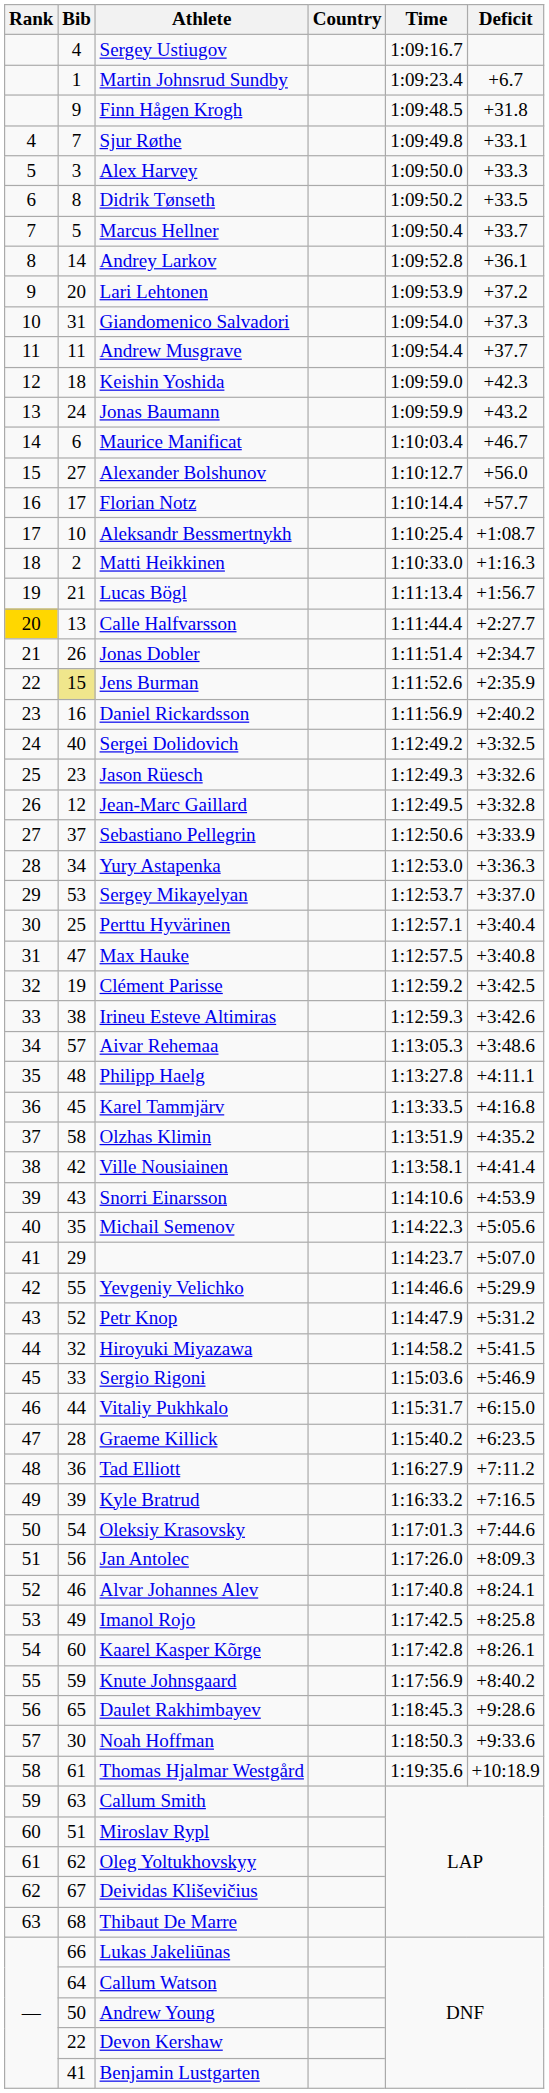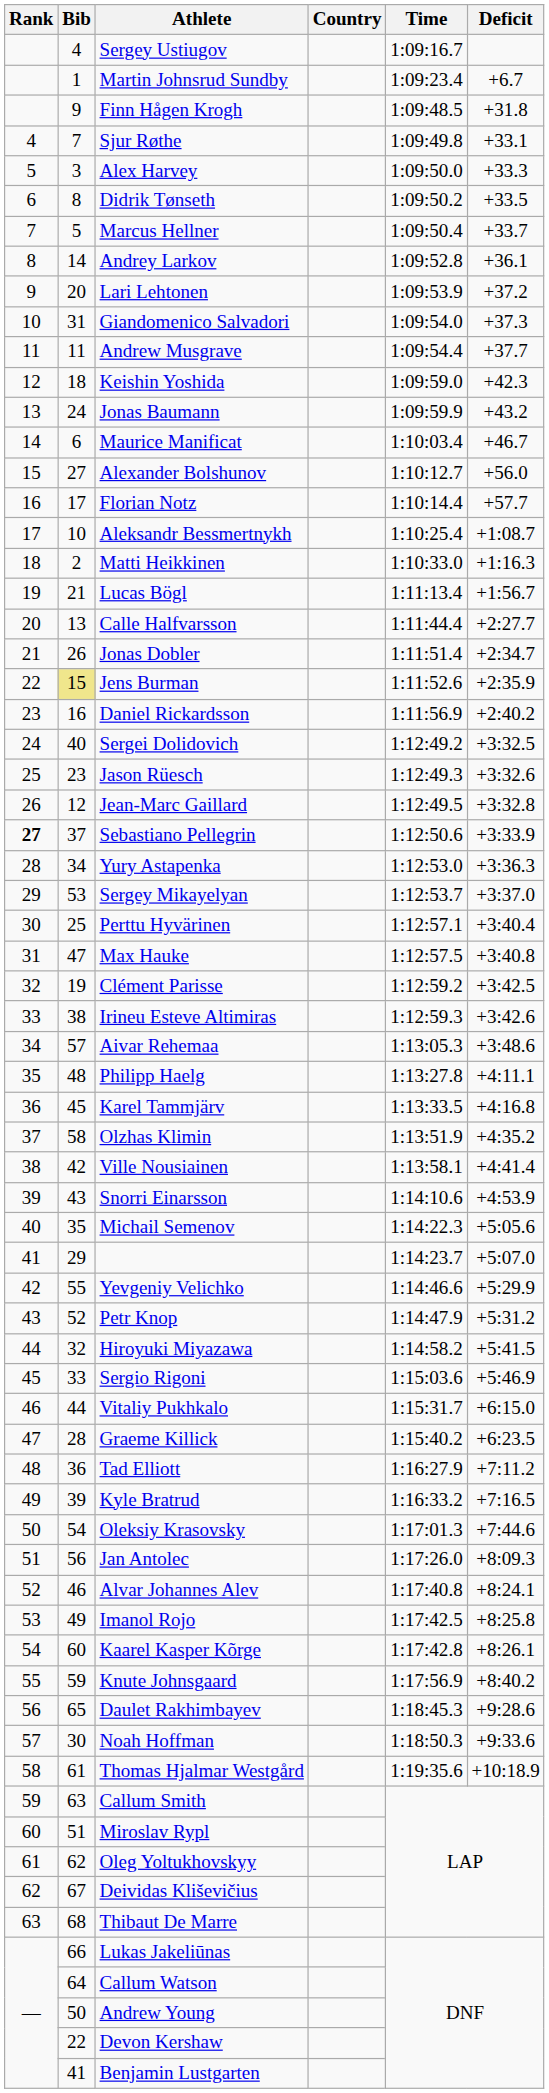 <table class="wikitable sortable" style="text-align:center">
 <tr>
 <th>Rank</th>
 <th>Bib</th>
 <th>Athlete</th>
 <th>Country</th>
 <th>Time</th>
 <th>Deficit</th>
 </tr>
 <tr>
 <td></td>
 <td>4</td>
 <td align=left><a href='#'>Sergey Ustiugov</a></td>
 <td align=left></td>
 <td>1:09:16.7</td>
 <td></td>
 </tr>
 <tr>
 <td></td>
 <td>1</td>
 <td align=left><a href='#'>Martin Johnsrud Sundby</a></td>
 <td align=left></td>
 <td>1:09:23.4</td>
 <td>+6.7</td>
 </tr>
 <tr>
 <td></td>
 <td>9</td>
 <td align=left><a href='#'>Finn Hågen Krogh</a></td>
 <td align=left></td>
 <td>1:09:48.5</td>
 <td>+31.8</td>
 </tr>
 <tr>
 <td>4</td>
 <td>7</td>
 <td align=left><a href='#'>Sjur Røthe</a></td>
 <td align=left></td>
 <td>1:09:49.8</td>
 <td>+33.1</td>
 </tr>
 <tr>
 <td>5</td>
 <td>3</td>
 <td align=left><a href='#'>Alex Harvey</a></td>
 <td align=left></td>
 <td>1:09:50.0</td>
 <td>+33.3</td>
 </tr>
 <tr>
 <td>6</td>
 <td>8</td>
 <td align=left><a href='#'>Didrik Tønseth</a></td>
 <td align=left></td>
 <td>1:09:50.2</td>
 <td>+33.5</td>
 </tr>
 <tr>
 <td>7</td>
 <td>5</td>
 <td align=left><a href='#'>Marcus Hellner</a></td>
 <td align=left></td>
 <td>1:09:50.4</td>
 <td>+33.7</td>
 </tr>
 <tr>
 <td>8</td>
 <td>14</td>
 <td align=left><a href='#'>Andrey Larkov</a></td>
 <td align=left></td>
 <td>1:09:52.8</td>
 <td>+36.1</td>
 </tr>
 <tr>
 <td>9</td>
 <td>20</td>
 <td align=left><a href='#'>Lari Lehtonen</a></td>
 <td align=left></td>
 <td>1:09:53.9</td>
 <td>+37.2</td>
 </tr>
 <tr>
 <td>10</td>
 <td>31</td>
 <td align=left><a href='#'>Giandomenico Salvadori</a></td>
 <td align=left></td>
 <td>1:09:54.0</td>
 <td>+37.3</td>
 </tr>
 <tr>
 <td>11</td>
 <td>11</td>
 <td align=left><a href='#'>Andrew Musgrave</a></td>
 <td align=left></td>
 <td>1:09:54.4</td>
 <td>+37.7</td>
 </tr>
 <tr>
 <td>12</td>
 <td>18</td>
 <td align=left><a href='#'>Keishin Yoshida</a></td>
 <td align=left></td>
 <td>1:09:59.0</td>
 <td>+42.3</td>
 </tr>
 <tr>
 <td>13</td>
 <td>24</td>
 <td align=left><a href='#'>Jonas Baumann</a></td>
 <td align=left></td>
 <td>1:09:59.9</td>
 <td>+43.2</td>
 </tr>
 <tr>
 <td>14</td>
 <td>6</td>
 <td align=left><a href='#'>Maurice Manificat</a></td>
 <td align=left></td>
 <td>1:10:03.4</td>
 <td>+46.7</td>
 </tr>
 <tr>
 <td>15</td>
 <td>27</td>
 <td align=left><a href='#'>Alexander Bolshunov</a></td>
 <td align=left></td>
 <td>1:10:12.7</td>
 <td>+56.0</td>
 </tr>
 <tr>
 <td>16</td>
 <td>17</td>
 <td align=left><a href='#'>Florian Notz</a></td>
 <td align=left></td>
 <td>1:10:14.4</td>
 <td>+57.7</td>
 </tr>
 <tr>
 <td>17</td>
 <td>10</td>
 <td align=left><a href='#'>Aleksandr Bessmertnykh</a></td>
 <td align=left></td>
 <td>1:10:25.4</td>
 <td>+1:08.7</td>
 </tr>
 <tr>
 <td>18</td>
 <td>2</td>
 <td align=left><a href='#'>Matti Heikkinen</a></td>
 <td align=left></td>
 <td>1:10:33.0</td>
 <td>+1:16.3</td>
 </tr>
 <tr>
 <td>19</td>
 <td>21</td>
 <td align=left><a href='#'>Lucas Bögl</a></td>
 <td align=left></td>
 <td>1:11:13.4</td>
 <td>+1:56.7</td>
 </tr>
 <tr>
-<td style="background: gold;">20</td>
+<td>20</td>
 <td>13</td>
 <td align=left><a href='#'>Calle Halfvarsson</a></td>
 <td align=left></td>
 <td>1:11:44.4</td>
 <td>+2:27.7</td>
 </tr>
 <tr>
 <td>21</td>
 <td>26</td>
 <td align=left><a href='#'>Jonas Dobler</a></td>
 <td align=left></td>
 <td>1:11:51.4</td>
 <td>+2:34.7</td>
 </tr>
 <tr>
 <td>22</td>
 <td style="background: khaki;">15</td>
 <td align=left><a href='#'>Jens Burman</a></td>
 <td align=left></td>
 <td>1:11:52.6</td>
 <td>+2:35.9</td>
 </tr>
 <tr>
 <td>23</td>
 <td>16</td>
 <td align=left><a href='#'>Daniel Rickardsson</a></td>
 <td align=left></td>
 <td>1:11:56.9</td>
 <td>+2:40.2</td>
 </tr>
 <tr>
 <td>24</td>
 <td>40</td>
 <td align=left><a href='#'>Sergei Dolidovich</a></td>
 <td align=left></td>
 <td>1:12:49.2</td>
 <td>+3:32.5</td>
 </tr>
 <tr>
 <td>25</td>
 <td>23</td>
 <td align=left><a href='#'>Jason Rüesch</a></td>
 <td align=left></td>
 <td>1:12:49.3</td>
 <td>+3:32.6</td>
 </tr>
 <tr>
 <td>26</td>
 <td>12</td>
 <td align=left><a href='#'>Jean-Marc Gaillard</a></td>
 <td align=left></td>
 <td>1:12:49.5</td>
 <td>+3:32.8</td>
 </tr>
 <tr>
-<td>27</td>
+<td><strong>27</strong></td>
 <td>37</td>
 <td align=left><a href='#'>Sebastiano Pellegrin</a></td>
 <td align=left></td>
 <td>1:12:50.6</td>
 <td>+3:33.9</td>
 </tr>
 <tr>
 <td>28</td>
 <td>34</td>
 <td align=left><a href='#'>Yury Astapenka</a></td>
 <td align=left></td>
 <td>1:12:53.0</td>
 <td>+3:36.3</td>
 </tr>
 <tr>
 <td>29</td>
 <td>53</td>
 <td align=left><a href='#'>Sergey Mikayelyan</a></td>
 <td align=left></td>
 <td>1:12:53.7</td>
 <td>+3:37.0</td>
 </tr>
 <tr>
 <td>30</td>
 <td>25</td>
 <td align=left><a href='#'>Perttu Hyvärinen</a></td>
 <td align=left></td>
 <td>1:12:57.1</td>
 <td>+3:40.4</td>
 </tr>
 <tr>
 <td>31</td>
 <td>47</td>
 <td align=left><a href='#'>Max Hauke</a></td>
 <td align=left></td>
 <td>1:12:57.5</td>
 <td>+3:40.8</td>
 </tr>
 <tr>
 <td>32</td>
 <td>19</td>
 <td align=left><a href='#'>Clément Parisse</a></td>
 <td align=left></td>
 <td>1:12:59.2</td>
 <td>+3:42.5</td>
 </tr>
 <tr>
 <td>33</td>
 <td>38</td>
 <td align=left><a href='#'>Irineu Esteve Altimiras</a></td>
 <td align=left></td>
 <td>1:12:59.3</td>
 <td>+3:42.6</td>
 </tr>
 <tr>
 <td>34</td>
 <td>57</td>
 <td align=left><a href='#'>Aivar Rehemaa</a></td>
 <td align=left></td>
 <td>1:13:05.3</td>
 <td>+3:48.6</td>
 </tr>
 <tr>
 <td>35</td>
 <td>48</td>
 <td align=left><a href='#'>Philipp Haelg</a></td>
 <td align=left></td>
 <td>1:13:27.8</td>
 <td>+4:11.1</td>
 </tr>
 <tr>
 <td>36</td>
 <td>45</td>
 <td align=left><a href='#'>Karel Tammjärv</a></td>
 <td align=left></td>
 <td>1:13:33.5</td>
 <td>+4:16.8</td>
 </tr>
 <tr>
 <td>37</td>
 <td>58</td>
 <td align=left><a href='#'>Olzhas Klimin</a></td>
 <td align=left></td>
 <td>1:13:51.9</td>
 <td>+4:35.2</td>
 </tr>
 <tr>
 <td>38</td>
 <td>42</td>
 <td align=left><a href='#'>Ville Nousiainen</a></td>
 <td align=left></td>
 <td>1:13:58.1</td>
 <td>+4:41.4</td>
 </tr>
 <tr>
 <td>39</td>
 <td>43</td>
 <td align=left><a href='#'>Snorri Einarsson</a></td>
 <td align=left></td>
 <td>1:14:10.6</td>
 <td>+4:53.9</td>
 </tr>
 <tr>
 <td>40</td>
 <td>35</td>
 <td align=left><a href='#'>Michail Semenov</a></td>
 <td align=left></td>
 <td>1:14:22.3</td>
 <td>+5:05.6</td>
 </tr>
 <tr>
 <td>41</td>
 <td>29</td>
 <td align=left></td>
 <td align=left></td>
 <td>1:14:23.7</td>
 <td>+5:07.0</td>
 </tr>
 <tr>
 <td>42</td>
 <td>55</td>
 <td align=left><a href='#'>Yevgeniy Velichko</a></td>
 <td align=left></td>
 <td>1:14:46.6</td>
 <td>+5:29.9</td>
 </tr>
 <tr>
 <td>43</td>
 <td>52</td>
 <td align=left><a href='#'>Petr Knop</a></td>
 <td align=left></td>
 <td>1:14:47.9</td>
 <td>+5:31.2</td>
 </tr>
 <tr>
 <td>44</td>
 <td>32</td>
 <td align=left><a href='#'>Hiroyuki Miyazawa</a></td>
 <td align=left></td>
 <td>1:14:58.2</td>
 <td>+5:41.5</td>
 </tr>
 <tr>
 <td>45</td>
 <td>33</td>
 <td align=left><a href='#'>Sergio Rigoni</a></td>
 <td align=left></td>
 <td>1:15:03.6</td>
 <td>+5:46.9</td>
 </tr>
 <tr>
 <td>46</td>
 <td>44</td>
 <td align=left><a href='#'>Vitaliy Pukhkalo</a></td>
 <td align=left></td>
 <td>1:15:31.7</td>
 <td>+6:15.0</td>
 </tr>
 <tr>
 <td>47</td>
 <td>28</td>
 <td align=left><a href='#'>Graeme Killick</a></td>
 <td align=left></td>
 <td>1:15:40.2</td>
 <td>+6:23.5</td>
 </tr>
 <tr>
 <td>48</td>
 <td>36</td>
 <td align=left><a href='#'>Tad Elliott</a></td>
 <td align=left></td>
 <td>1:16:27.9</td>
 <td>+7:11.2</td>
 </tr>
 <tr>
 <td>49</td>
 <td>39</td>
 <td align=left><a href='#'>Kyle Bratrud</a></td>
 <td align=left></td>
 <td>1:16:33.2</td>
 <td>+7:16.5</td>
 </tr>
 <tr>
 <td>50</td>
 <td>54</td>
 <td align=left><a href='#'>Oleksiy Krasovsky</a></td>
 <td align=left></td>
 <td>1:17:01.3</td>
 <td>+7:44.6</td>
 </tr>
 <tr>
 <td>51</td>
 <td>56</td>
 <td align=left><a href='#'>Jan Antolec</a></td>
 <td align=left></td>
 <td>1:17:26.0</td>
 <td>+8:09.3</td>
 </tr>
 <tr>
 <td>52</td>
 <td>46</td>
 <td align=left><a href='#'>Alvar Johannes Alev</a></td>
 <td align=left></td>
 <td>1:17:40.8</td>
 <td>+8:24.1</td>
 </tr>
 <tr>
 <td>53</td>
 <td>49</td>
 <td align=left><a href='#'>Imanol Rojo</a></td>
 <td align=left></td>
 <td>1:17:42.5</td>
 <td>+8:25.8</td>
 </tr>
 <tr>
 <td>54</td>
 <td>60</td>
 <td align=left><a href='#'>Kaarel Kasper Kõrge</a></td>
 <td align=left></td>
 <td>1:17:42.8</td>
 <td>+8:26.1</td>
 </tr>
 <tr>
 <td>55</td>
 <td>59</td>
 <td align=left><a href='#'>Knute Johnsgaard</a></td>
 <td align=left></td>
 <td>1:17:56.9</td>
 <td>+8:40.2</td>
 </tr>
 <tr>
 <td>56</td>
 <td>65</td>
 <td align=left><a href='#'>Daulet Rakhimbayev</a></td>
 <td align=left></td>
 <td>1:18:45.3</td>
 <td>+9:28.6</td>
 </tr>
 <tr>
 <td>57</td>
 <td>30</td>
 <td align=left><a href='#'>Noah Hoffman</a></td>
 <td align=left></td>
 <td>1:18:50.3</td>
 <td>+9:33.6</td>
 </tr>
 <tr>
 <td>58</td>
 <td>61</td>
 <td align=left><a href='#'>Thomas Hjalmar Westgård</a></td>
 <td align=left></td>
 <td>1:19:35.6</td>
 <td>+10:18.9</td>
 </tr>
 <tr>
 <td>59</td>
 <td>63</td>
 <td align=left><a href='#'>Callum Smith</a></td>
 <td align=left></td>
 <td rowspan=5 colspan=2>LAP</td>
 </tr>
 <tr>
 <td>60</td>
 <td>51</td>
 <td align=left><a href='#'>Miroslav Rypl</a></td>
 <td align=left></td>
 </tr>
 <tr>
 <td>61</td>
 <td>62</td>
 <td align=left><a href='#'>Oleg Yoltukhovskyy</a></td>
 <td align=left></td>
 </tr>
 <tr>
 <td>62</td>
 <td>67</td>
 <td align=left><a href='#'>Deividas Kliševičius</a></td>
 <td align=left></td>
 </tr>
 <tr>
 <td>63</td>
 <td>68</td>
 <td align=left><a href='#'>Thibaut De Marre</a></td>
 <td align=left></td>
 </tr>
 <tr>
 <td rowspan=5>—</td>
 <td>66</td>
 <td align=left><a href='#'>Lukas Jakeliūnas</a></td>
 <td align=left></td>
 <td rowspan=5 colspan=2>DNF</td>
 </tr>
 <tr>
 <td>64</td>
 <td align=left><a href='#'>Callum Watson</a></td>
 <td align=left></td>
 </tr>
 <tr>
 <td>50</td>
 <td align=left><a href='#'>Andrew Young</a></td>
 <td align=left></td>
 </tr>
 <tr>
 <td>22</td>
 <td align=left><a href='#'>Devon Kershaw</a></td>
 <td align=left></td>
 </tr>
 <tr>
 <td>41</td>
 <td align=left><a href='#'>Benjamin Lustgarten</a></td>
 <td align=left></td>
 </tr>
 </table>
